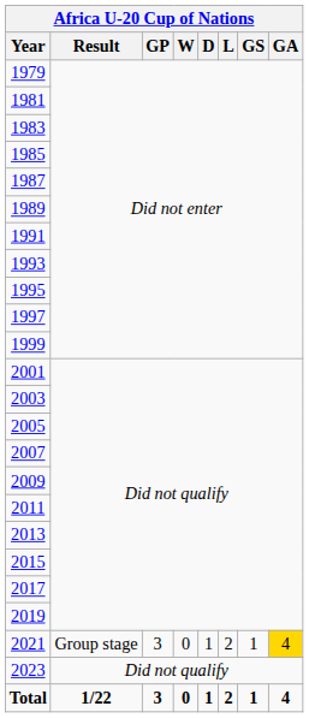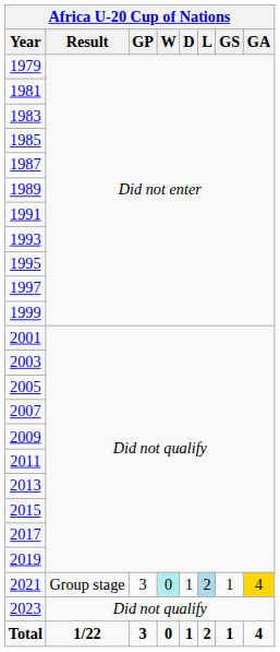 <table class="wikitable" style="text-align: center;">
 <tr>
 <th colspan="8"><a href='#'>Africa U-20 Cup of Nations</a></th>
 </tr>
 <tr>
 <th>Year</th>
 <th>Result</th>
 <th>GP</th>
 <th>W</th>
 <th>D</th>
 <th>L</th>
 <th>GS</th>
 <th>GA</th>
 </tr>
 <tr>
 <td> <a href='#'>1979</a></td>
 <td colspan=7 rowspan=11><em>Did not enter</em></td>
 </tr>
 <tr>
 <td> <a href='#'>1981</a></td>
 </tr>
 <tr>
 <td> <a href='#'>1983</a></td>
 </tr>
 <tr>
 <td> <a href='#'>1985</a></td>
 </tr>
 <tr>
 <td> <a href='#'>1987</a></td>
 </tr>
 <tr>
 <td> <a href='#'>1989</a></td>
 </tr>
 <tr>
 <td> <a href='#'>1991</a></td>
 </tr>
 <tr>
 <td> <a href='#'>1993</a></td>
 </tr>
 <tr>
 <td> <a href='#'>1995</a></td>
 </tr>
 <tr>
 <td> <a href='#'>1997</a></td>
 </tr>
 <tr>
 <td> <a href='#'>1999</a></td>
 </tr>
 <tr>
 <td> <a href='#'>2001</a></td>
 <td colspan=7 rowspan=10><em>Did not qualify</em></td>
 </tr>
 <tr>
 <td> <a href='#'>2003</a></td>
 </tr>
 <tr>
 <td> <a href='#'>2005</a></td>
 </tr>
 <tr>
 <td> <a href='#'>2007</a></td>
 </tr>
 <tr>
 <td> <a href='#'>2009</a></td>
 </tr>
 <tr>
 <td> <a href='#'>2011</a></td>
 </tr>
 <tr>
 <td> <a href='#'>2013</a></td>
 </tr>
 <tr>
 <td> <a href='#'>2015</a></td>
 </tr>
 <tr>
 <td> <a href='#'>2017</a></td>
 </tr>
 <tr>
 <td> <a href='#'>2019</a></td>
 </tr>
 <tr>
 <td> <a href='#'>2021</a></td>
 <td>Group stage</td>
 <td>3</td>
-<td>0</td>
+<td style="background: paleturquoise;">0</td>
 <td>1</td>
-<td>2</td>
+<td style="background: lightblue;">2</td>
 <td>1</td>
 <td style="background: gold;">4</td>
 </tr>
 <tr>
 <td> <a href='#'>2023</a></td>
 <td colspan="7" rowspan="1"><em>Did not qualify</em></td>
 </tr>
 <tr>
 <td><strong>Total</strong></td>
 <td><strong>1/22</strong></td>
 <td><strong>3</strong></td>
 <td><strong>0</strong></td>
 <td><strong>1</strong></td>
 <td><strong>2</strong></td>
 <td><strong>1</strong></td>
 <td><strong>4</strong></td>
 </tr>
 </table>
